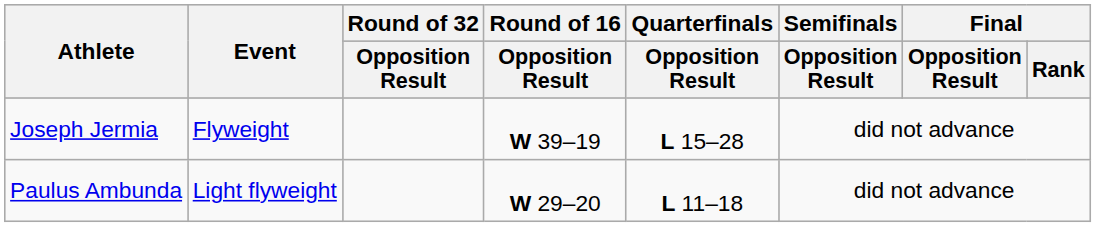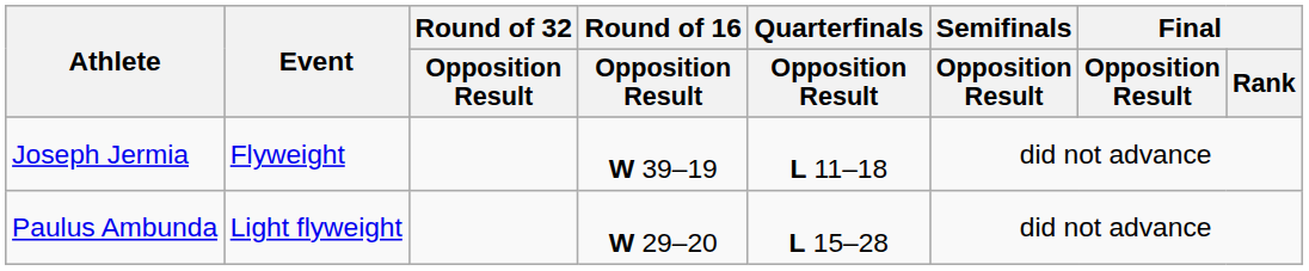 <table class="wikitable" style="font-size:90%">
 <tr>
 <th rowspan="2">Athlete</th>
 <th rowspan="2">Event</th>
 <th>Round of 32</th>
 <th>Round of 16</th>
 <th>Quarterfinals</th>
 <th>Semifinals</th>
 <th colspan=2>Final</th>
 </tr>
 <tr style="font-size:95%">
 <th>Opposition<br>Result</th>
 <th>Opposition<br>Result</th>
 <th>Opposition<br>Result</th>
 <th>Opposition<br>Result</th>
 <th>Opposition<br>Result</th>
 <th>Rank</th>
 </tr>
 <tr align=center>
 <td align=left><a href='#'>Joseph Jermia</a></td>
 <td align=left><a href='#'>Flyweight</a></td>
 <td></td>
 <td><br><strong>W</strong> 39–19</td>
-<td><br><strong>L</strong> 15–28</td>
+<td><br><strong>L</strong> 11–18</td>
 <td colspan=3>did not advance</td>
 </tr>
 <tr align=center>
 <td align=left><a href='#'>Paulus Ambunda</a></td>
 <td align=left><a href='#'>Light flyweight</a></td>
 <td></td>
 <td><br><strong>W</strong> 29–20</td>
-<td><br><strong>L</strong> 11–18</td>
+<td><br><strong>L</strong> 15–28</td>
 <td colspan=3>did not advance</td>
 </tr>
 </table>
